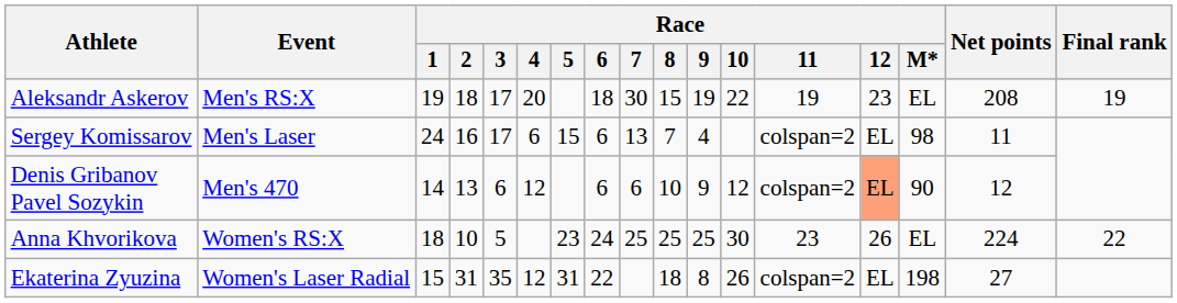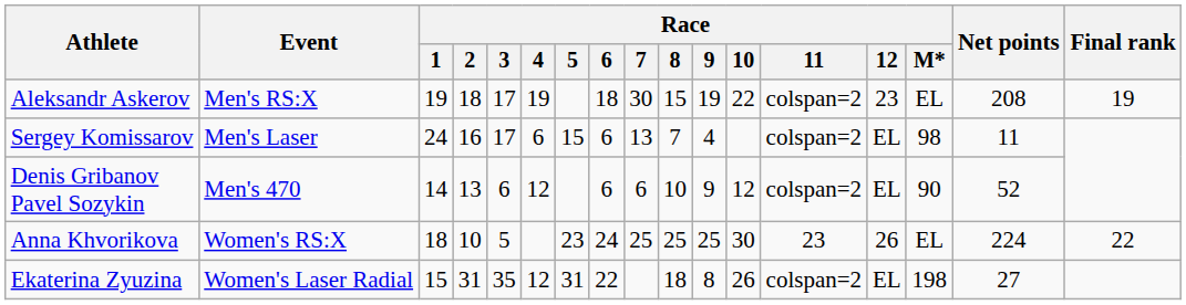 <table class="wikitable" style="text-align:center; font-size:90%">
 <tr>
 <th rowspan=2>Athlete</th>
 <th rowspan=2>Event</th>
 <th colspan=13>Race</th>
 <th rowspan=2>Net points</th>
 <th rowspan=2>Final rank</th>
 </tr>
 <tr style="font-size:95%">
 <th>1</th>
 <th>2</th>
 <th>3</th>
 <th>4</th>
 <th>5</th>
 <th>6</th>
 <th>7</th>
 <th>8</th>
 <th>9</th>
 <th>10</th>
 <th>11</th>
 <th>12</th>
 <th>M*</th>
 </tr>
 <tr>
 <td align=left><a href='#'>Aleksandr Askerov</a></td>
 <td align=left><a href='#'>Men's RS:X</a></td>
 <td>19</td>
 <td>18</td>
 <td>17</td>
-<td>20</td>
+<td>19</td>
 <td></td>
 <td>18</td>
 <td>30</td>
 <td>15</td>
 <td>19</td>
 <td>22</td>
-<td>19</td>
+<td>colspan=2 </td>
 <td>23</td>
 <td>EL</td>
 <td>208</td>
 <td>19</td>
 </tr>
 <tr>
 <td align=left><a href='#'>Sergey Komissarov</a></td>
 <td align=left><a href='#'>Men's Laser</a></td>
 <td>24</td>
 <td>16</td>
 <td>17</td>
 <td>6</td>
 <td>15</td>
 <td>6</td>
 <td>13</td>
 <td>7</td>
 <td>4</td>
 <td></td>
 <td>colspan=2 </td>
 <td>EL</td>
 <td>98</td>
 <td>11</td>
 </tr>
 <tr>
 <td align=left><a href='#'>Denis Gribanov</a><br><a href='#'>Pavel Sozykin</a></td>
 <td align=left><a href='#'>Men's 470</a></td>
 <td>14</td>
 <td>13</td>
 <td>6</td>
 <td>12</td>
 <td></td>
 <td>6</td>
 <td>6</td>
 <td>10</td>
 <td>9</td>
 <td>12</td>
 <td>colspan=2 </td>
-<td style="background: lightsalmon;">EL</td>
+<td>EL</td>
 <td>90</td>
-<td>12</td>
+<td>52</td>
 </tr>
 <tr>
 <td align=left><a href='#'>Anna Khvorikova</a></td>
 <td align=left><a href='#'>Women's RS:X</a></td>
 <td>18</td>
 <td>10</td>
 <td>5</td>
 <td></td>
 <td>23</td>
 <td>24</td>
 <td>25</td>
 <td>25</td>
 <td>25</td>
 <td>30</td>
 <td>23</td>
 <td>26</td>
 <td>EL</td>
 <td>224</td>
 <td>22</td>
 </tr>
 <tr>
 <td align=left><a href='#'>Ekaterina Zyuzina</a></td>
 <td align=left><a href='#'>Women's Laser Radial</a></td>
 <td>15</td>
 <td>31</td>
 <td>35</td>
 <td>12</td>
 <td>31</td>
 <td>22</td>
 <td></td>
 <td>18</td>
 <td>8</td>
 <td>26</td>
 <td>colspan=2 </td>
 <td>EL</td>
 <td>198</td>
 <td>27</td>
 </tr>
 </table>
